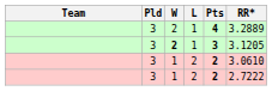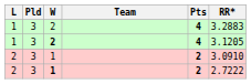 <table class="wikitable" border="1" style="text-align:center;">
 <tr>
-<th width=175>Team</th>
+<th width=20 abbr="Lost">L</th>
 <th width=20 abbr="Played">Pld</th>
 <th width=20 abbr="Won">W</th>
-<th width=20 abbr="Lost">L</th>
+<th width=175>Team</th>
 <th width=20 abbr="Points">Pts</th>
 <th width=20 abbr="Run rate">RR*</th>
 </tr>
 <tr style="background:#cfc;">
-<td style="text-align:left;"></td>
+<td>1</td>
 <td>3</td>
 <td>2</td>
-<td>1</td>
+<td style="text-align:left;"></td>
 <td><strong>4</strong></td>
-<td>3.2889</td>
+<td>3.2883</td>
 </tr>
 <tr style="background:#cfc;">
-<td style="text-align:left;"></td>
+<td>1</td>
 <td>3</td>
 <td><strong>2</strong></td>
-<td>1</td>
-<td><strong>3</strong></td>
+<td style="text-align:left;"></td>
+<td><strong>4</strong></td>
 <td>3.1205</td>
 </tr>
 <tr style="background:#fcc;">
-<td style="text-align:left;"></td>
+<td>2</td>
 <td>3</td>
 <td>1</td>
-<td>2</td>
+<td style="text-align:left;"></td>
 <td><strong>2</strong></td>
-<td>3.0610</td>
+<td>3.0910</td>
 </tr>
 <tr style="background:#fcc;">
+<td>2</td>
+<td>3</td>
+<td><strong>1</strong></td>
 <td style="text-align:left;"></td>
-<td>3</td>
-<td>1</td>
-<td>2</td>
 <td><strong>2</strong></td>
 <td>2.7222</td>
 </tr>
 </table>
